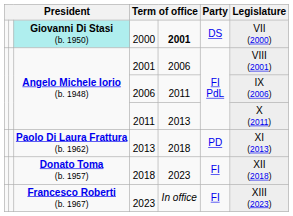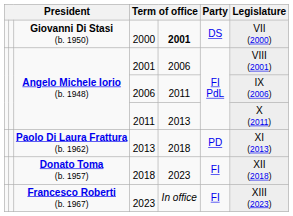 <table class="wikitable" style="text-align:center;">
 <tr>
 <th colspan=3>President</th>
 <th colspan= 2>Term of office</th>
 <th>Party</th>
 <th>Legislature</th>
 </tr>
 <tr>
 <td><strong></strong></td>
 <td></td>
-<td style="background: paleturquoise;"><strong>Giovanni Di Stasi</strong><br><small>(b. 1950)</small></td>
+<td><strong>Giovanni Di Stasi</strong><br><small>(b. 1950)</small></td>
 <td><br>2000</td>
 <td><strong><br>2001</strong></td>
 <td><a href='#'>DS</a></td>
 <td bgcolor="#EEEEEE">VII <br><small>(<a href='#'>2000</a>)</small></td>
 </tr>
 <tr>
 <td rowspan=3><strong></strong></td>
 <td rowspan=3></td>
 <td rowspan=3><strong><a href='#'>Angelo Michele Iorio</a></strong><br><small>(b. 1948)</small></td>
 <td><br>2001</td>
 <td><br>2006</td>
 <td rowspan=3><a href='#'>FI</a><br><a href='#'>PdL</a></td>
 <td bgcolor="#EEEEEE">VIII <br><small>(<a href='#'>2001</a>)</small></td>
 </tr>
 <tr>
 <td><br>2006</td>
 <td><br>2011</td>
 <td bgcolor="#EEEEEE">IX <br><small>(<a href='#'>2006</a>)</small></td>
 </tr>
 <tr>
 <td><br>2011</td>
 <td><br>2013</td>
 <td bgcolor="#EEEEEE">X <br><small>(<a href='#'>2011</a>)</small></td>
 </tr>
 <tr>
 <td><strong></strong></td>
 <td></td>
 <td><strong><a href='#'>Paolo Di Laura Frattura</a></strong><br><small>(b. 1962)</small></td>
 <td><br>2013</td>
 <td><br>2018</td>
 <td><a href='#'>PD</a></td>
 <td bgcolor="#EEEEEE">XI <br><small>(<a href='#'>2013</a>)</small></td>
 </tr>
 <tr>
 <td><strong></strong></td>
 <td></td>
 <td><strong><a href='#'>Donato Toma</a></strong><br><small>(b. 1957)</small></td>
 <td><br>2018</td>
 <td><br>2023</td>
 <td><a href='#'>FI</a></td>
 <td bgcolor="#EEEEEE">XII <br><small>(<a href='#'>2018</a>)</small></td>
 </tr>
 <tr>
 <td><strong></strong></td>
 <td></td>
 <td><strong><a href='#'>Francesco Roberti</a></strong><br><small>(b. 1967)</small></td>
 <td><br>2023</td>
 <td><em>In office</em></td>
 <td><a href='#'>FI</a></td>
 <td bgcolor="#EEEEEE">XIII <br><small>(<a href='#'>2023</a>)</small></td>
 </tr>
 </table>
